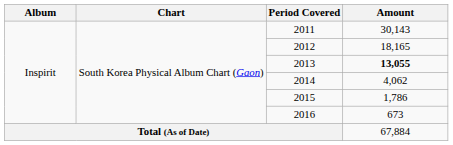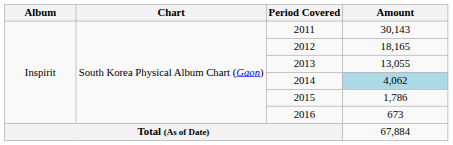 <table class="wikitable">
 <tr>
 <th width='100'>Album</th>
 <th>Chart</th>
 <th>Period Covered</th>
 <th style="width:150px;">Amount</th>
 </tr>
 <tr>
 <td rowspan='6' align="center">Inspirit</td>
 <td rowspan='6' align="center">South Korea Physical Album Chart (<em><a href='#'>Gaon</a></em>)</td>
 <td align="center">2011</td>
 <td align="center">30,143</td>
 </tr>
 <tr>
 <td align="center">2012</td>
 <td align="center">18,165</td>
 </tr>
 <tr>
 <td align="center">2013</td>
-<td align="center"><strong>13,055</strong></td>
+<td align="center">13,055</td>
 </tr>
 <tr>
 <td align="center">2014</td>
-<td align="center">4,062</td>
+<td align="center" style="background: lightblue;">4,062</td>
 </tr>
 <tr>
 <td align="center">2015</td>
 <td align="center">1,786</td>
 </tr>
 <tr>
 <td align="center">2016</td>
 <td align="center">673</td>
 </tr>
 <tr>
 <th colspan='3'>Total <small>(As of Date)</small></th>
 <td align="center">67,884</td>
 </tr>
 </table>
